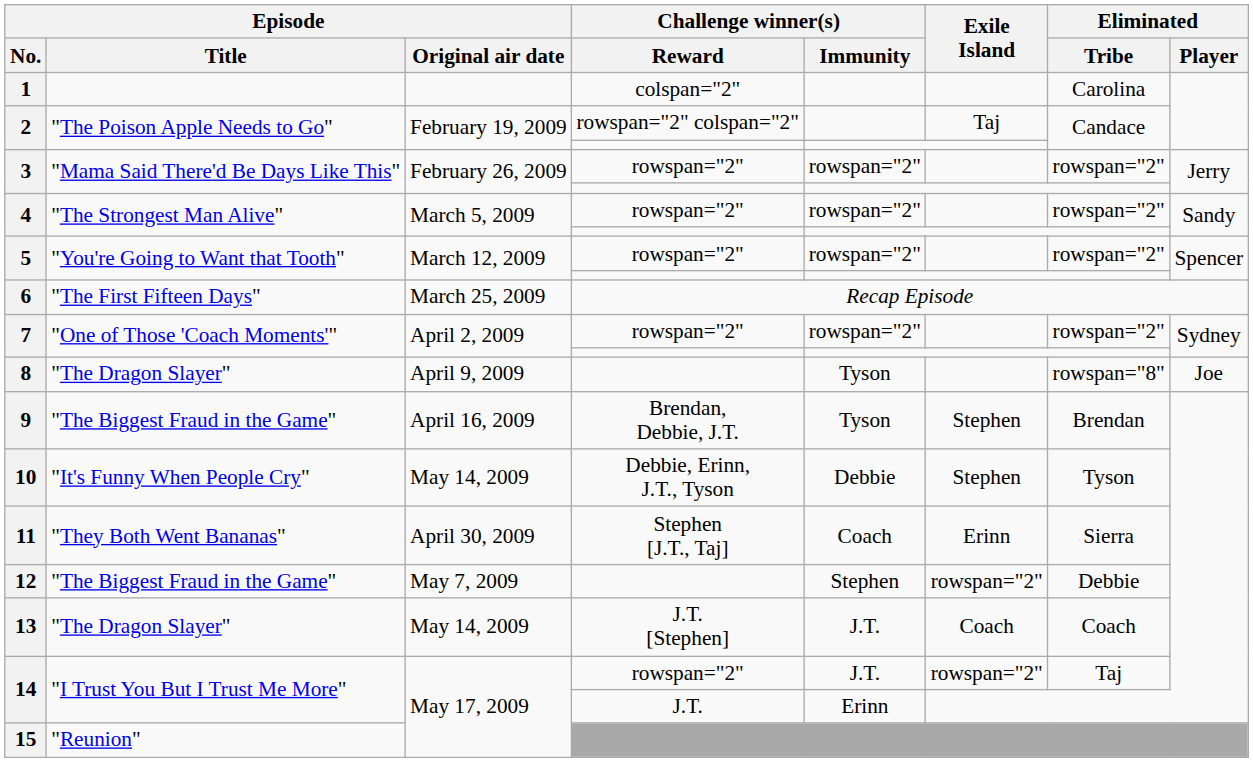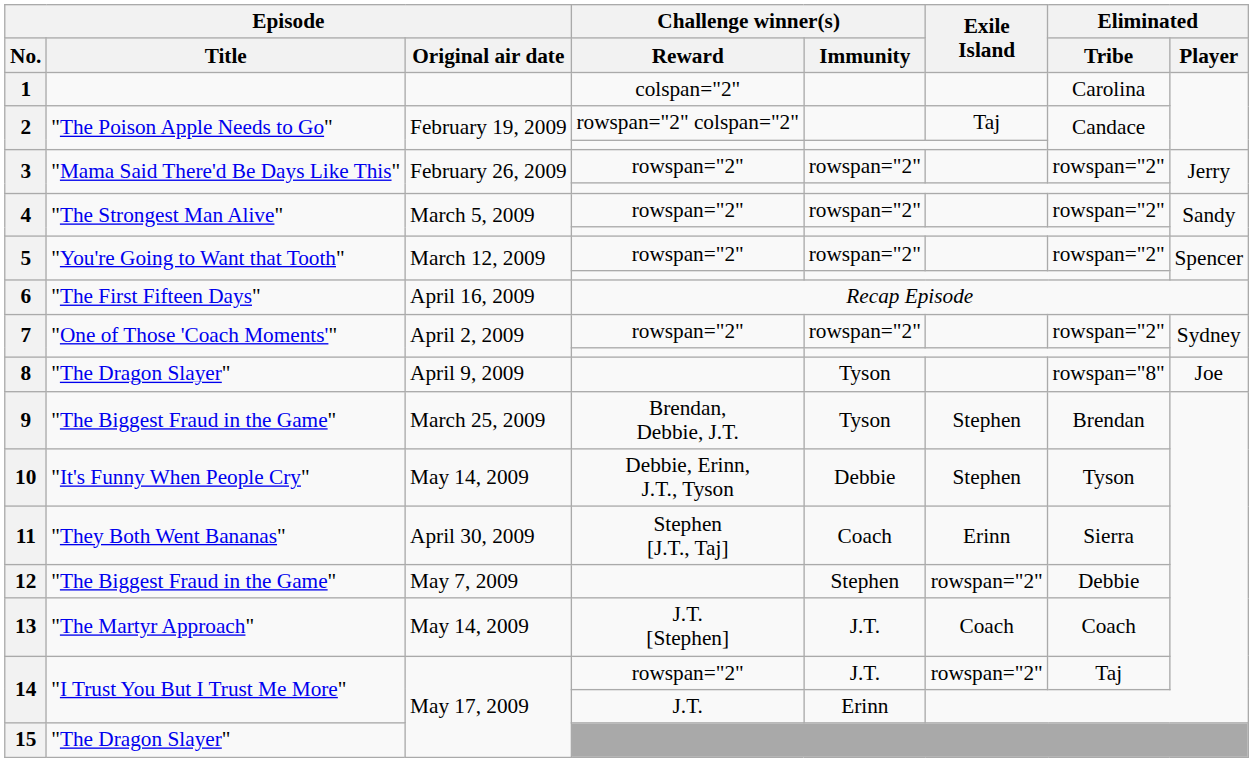 <table class="wikitable" style="margin:auto; text-align:center">
 <tr>
 <th scope="col" colspan="3">Episode</th>
 <th scope="col" colspan="2">Challenge winner(s)</th>
 <th scope="col" rowspan="2">Exile<br>Island</th>
 <th colspan="2">Eliminated</th>
 </tr>
 <tr>
 <th scope="col">No.</th>
 <th scope="col">Title</th>
 <th scope="col">Original air date</th>
 <th scope="col">Reward</th>
 <th scope="col">Immunity</th>
 <th scope="col">Tribe</th>
 <th scope="col">Player</th>
 </tr>
 <tr>
 <th>1</th>
 <td align="left"></td>
 <td align="left"></td>
 <td>colspan="2" </td>
 <td></td>
 <td></td>
 <td>Carolina</td>
 </tr>
 <tr>
 <th rowspan="2">2</th>
 <td align="left" rowspan="2">"<a href='#'>The Poison Apple Needs to Go</a>"</td>
 <td align="left" rowspan="2">February 19, 2009</td>
 <td>rowspan="2" colspan="2" </td>
 <td></td>
 <td>Taj</td>
 <td rowspan="2">Candace</td>
 </tr>
 <tr>
 <td></td>
 </tr>
 <tr>
 <th rowspan="2">3</th>
 <td rowspan="2" align="left">"<a href='#'>Mama Said There'd Be Days Like This</a>"</td>
 <td rowspan="2" align="left">February 26, 2009</td>
 <td>rowspan="2" </td>
 <td>rowspan="2" </td>
 <td></td>
 <td>rowspan="2" </td>
 <td rowspan="2">Jerry</td>
 </tr>
 <tr>
 <td></td>
 </tr>
 <tr>
 <th rowspan="2">4</th>
 <td rowspan="2" align="left">"<a href='#'>The Strongest Man Alive</a>"</td>
 <td rowspan="2" align="left">March 5, 2009</td>
 <td>rowspan="2" </td>
 <td>rowspan="2" </td>
 <td></td>
 <td>rowspan="2" </td>
 <td rowspan="2">Sandy</td>
 </tr>
 <tr>
 <td></td>
 </tr>
 <tr>
 <th rowspan="2">5</th>
 <td rowspan="2" align="left">"<a href='#'>You're Going to Want that Tooth</a>"</td>
 <td rowspan="2" align="left">March 12, 2009</td>
 <td>rowspan="2" </td>
 <td>rowspan="2" </td>
 <td></td>
 <td>rowspan="2" </td>
 <td rowspan="2">Spencer</td>
 </tr>
 <tr>
 <td></td>
 </tr>
 <tr>
 <th>6</th>
 <td align="left">"<a href='#'>The First Fifteen Days</a>"</td>
-<td align="left">March 25, 2009</td>
+<td align="left">April 16, 2009</td>
 <td colspan="5"><em>Recap Episode</em></td>
 </tr>
 <tr>
 <th rowspan="2">7</th>
 <td rowspan="2" align="left">"<a href='#'>One of Those 'Coach Moments'</a>"</td>
 <td rowspan="2" align="left">April 2, 2009</td>
 <td>rowspan="2" </td>
 <td>rowspan="2" </td>
 <td></td>
 <td>rowspan="2" </td>
 <td rowspan="2">Sydney</td>
 </tr>
 <tr>
 <td></td>
 </tr>
 <tr>
 <th>8</th>
 <td align="left">"<a href='#'>The Dragon Slayer</a>"</td>
 <td align="left">April 9, 2009</td>
 <td></td>
 <td>Tyson</td>
 <td></td>
 <td>rowspan="8" </td>
 <td>Joe</td>
 </tr>
 <tr>
 <th>9</th>
 <td align="left">"<a href='#'>The Biggest Fraud in the Game</a>"</td>
-<td align="left">April 16, 2009</td>
+<td align="left">March 25, 2009</td>
 <td>Brendan,<br>Debbie, J.T.</td>
 <td>Tyson</td>
 <td>Stephen</td>
 <td>Brendan</td>
 </tr>
 <tr>
 <th>10</th>
 <td align="left">"<a href='#'>It's Funny When People Cry</a>"</td>
 <td align="left">May 14, 2009</td>
 <td>Debbie, Erinn,<br>J.T., Tyson</td>
 <td>Debbie</td>
 <td>Stephen</td>
 <td>Tyson</td>
 </tr>
 <tr>
 <th>11</th>
 <td align="left">"<a href='#'>They Both Went Bananas</a>"</td>
 <td align="left">April 30, 2009</td>
 <td>Stephen<br>[J.T., Taj]</td>
 <td>Coach</td>
 <td>Erinn</td>
 <td>Sierra</td>
 </tr>
 <tr>
 <th>12</th>
 <td align="left">"<a href='#'>The Biggest Fraud in the Game</a>"</td>
 <td align="left">May 7, 2009</td>
 <td></td>
 <td>Stephen</td>
 <td>rowspan="2" </td>
 <td>Debbie</td>
 </tr>
 <tr>
 <th>13</th>
-<td align="left">"<a href='#'>The Dragon Slayer</a>"</td>
+<td align="left">"<a href='#'>The Martyr Approach</a>"</td>
 <td align="left">May 14, 2009</td>
 <td>J.T.<br>[Stephen]</td>
 <td>J.T.</td>
 <td>Coach</td>
 <td>Coach</td>
 </tr>
 <tr>
 <th rowspan="2">14</th>
 <td align="left" rowspan="2">"<a href='#'>I Trust You But I Trust Me More</a>"</td>
 <td rowspan="3" align="left">May 17, 2009</td>
 <td>rowspan="2" </td>
 <td>J.T.</td>
 <td>rowspan="2" </td>
 <td>Taj</td>
 </tr>
 <tr>
 <td>J.T.</td>
 <td>Erinn</td>
 </tr>
 <tr>
 <th>15</th>
-<td align="left">"<a href='#'>Reunion</a>"</td>
+<td align="left">"<a href='#'>The Dragon Slayer</a>"</td>
 <td colspan="5" bgcolor="darkgray"></td>
 </tr>
 </table>
